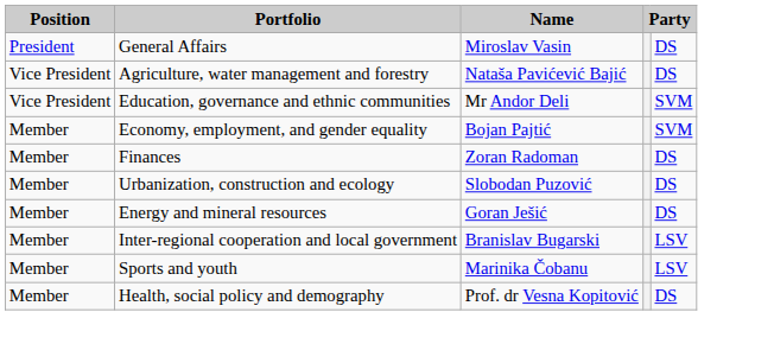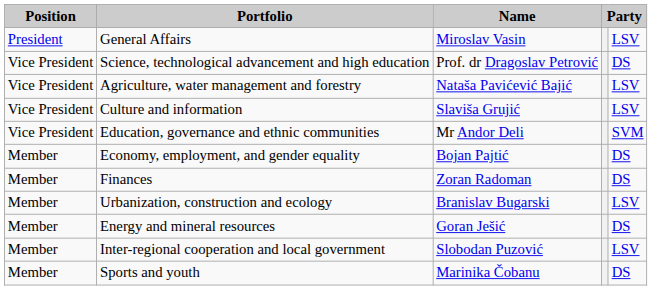 <table class="wikitable">
 <tr>
 <th colspan="1" style="background-color:#CCCCCC;">Position</th>
 <th colspan="1" style="background-color:#CCCCCC;">Portfolio</th>
 <th colspan="1" style="background-color:#CCCCCC;">Name</th>
 <th colspan="2" style="background-color:#CCCCCC;">Party</th>
 </tr>
 <tr>
 <td><a href='#'>President</a></td>
 <td>General Affairs</td>
 <td><a href='#'>Miroslav Vasin</a></td>
 <th style="background:"></th>
+<td><a href='#'>LSV</a></td>
+</tr>
+<tr>
+<td>Vice President</td>
+<td>Science, technological advancement and high education</td>
+<td>Prof. dr <a href='#'>Dragoslav Petrović</a></td>
+<th style="background:"></th>
 <td><a href='#'>DS</a></td>
 </tr>
 <tr>
 <td>Vice President</td>
 <td>Agriculture, water management and forestry</td>
 <td><a href='#'>Nataša Pavićević Bajić</a></td>
 <th style="background:"></th>
-<td><a href='#'>DS</a></td>
+<td><a href='#'>LSV</a></td>
+</tr>
+<tr>
+<td>Vice President</td>
+<td>Culture and information</td>
+<td><a href='#'>Slaviša Grujić</a></td>
+<th style="background:"></th>
+<td><a href='#'>LSV</a></td>
 </tr>
 <tr>
 <td>Vice President</td>
 <td>Education, governance and ethnic communities</td>
 <td>Mr <a href='#'>Andor Deli</a></td>
 <th style="background:"></th>
 <td><a href='#'>SVM</a></td>
 </tr>
 <tr>
 <td>Member</td>
 <td>Economy, employment, and gender equality</td>
 <td><a href='#'>Bojan Pajtić</a></td>
 <th style="background:"></th>
-<td><a href='#'>SVM</a></td>
+<td><a href='#'>DS</a></td>
 </tr>
 <tr>
 <td>Member</td>
 <td>Finances</td>
 <td><a href='#'>Zoran Radoman</a></td>
 <th style="background:"></th>
 <td><a href='#'>DS</a></td>
 </tr>
 <tr>
 <td>Member</td>
 <td>Urbanization, construction and ecology</td>
-<td><a href='#'>Slobodan Puzović</a></td>
+<td><a href='#'>Branislav Bugarski</a></td>
 <th style="background:"></th>
-<td><a href='#'>DS</a></td>
+<td><a href='#'>LSV</a></td>
 </tr>
 <tr>
 <td>Member</td>
 <td>Energy and mineral resources</td>
 <td><a href='#'>Goran Ješić</a></td>
 <th style="background:"></th>
 <td><a href='#'>DS</a></td>
 </tr>
 <tr>
 <td>Member</td>
 <td>Inter-regional cooperation and local government</td>
-<td><a href='#'>Branislav Bugarski</a></td>
+<td><a href='#'>Slobodan Puzović</a></td>
 <th style="background:"></th>
 <td><a href='#'>LSV</a></td>
 </tr>
 <tr>
 <td>Member</td>
 <td>Sports and youth</td>
 <td><a href='#'>Marinika Čobanu</a></td>
 <th style="background:"></th>
-<td><a href='#'>LSV</a></td>
-</tr>
-<tr>
-<td>Member</td>
-<td>Health, social policy and demography</td>
-<td>Prof. dr <a href='#'>Vesna Kopitović</a></td>
-<th style="background:"></th>
 <td><a href='#'>DS</a></td>
 </tr>
 </table>
